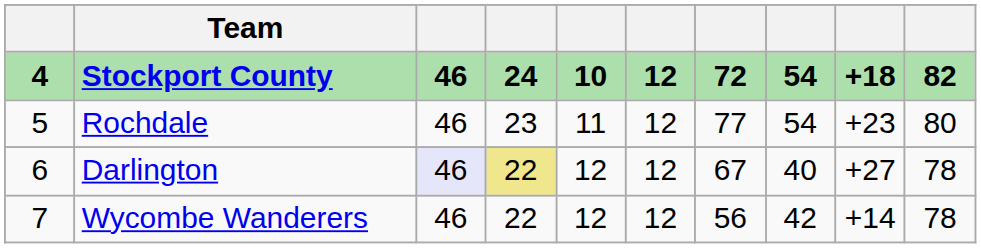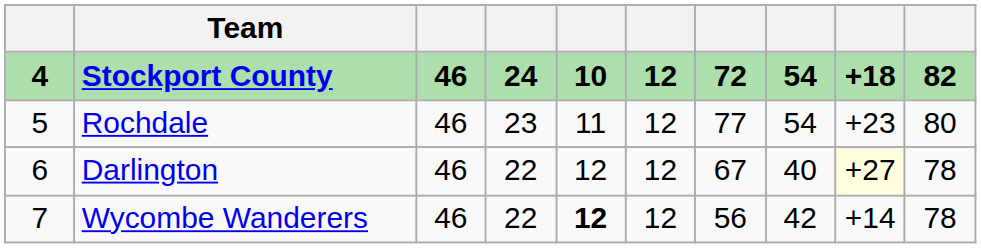 <table class="wikitable" style="text-align:center">
 <tr>
 <th width="30"></th>
 <th width="175">Team</th>
 <th width="30"></th>
 <th width="30"></th>
 <th width="30"></th>
 <th width="30"></th>
 <th width="30"></th>
 <th width="30"></th>
 <th width="30"></th>
 <th width="30"></th>
 </tr>
 <tr style="background:#addfad;">
 <td><strong>4</strong></td>
 <td align=left><strong><a href='#'>Stockport County</a></strong></td>
 <td><strong>46</strong></td>
 <td><strong>24</strong></td>
 <td><strong>10</strong></td>
 <td><strong>12</strong></td>
 <td><strong>72</strong></td>
 <td><strong>54</strong></td>
 <td><strong>+18</strong></td>
 <td><strong>82</strong></td>
 </tr>
 <tr>
 <td>5</td>
 <td align=left><a href='#'>Rochdale</a></td>
 <td>46</td>
 <td>23</td>
 <td>11</td>
 <td>12</td>
 <td>77</td>
 <td>54</td>
 <td>+23</td>
 <td>80</td>
 </tr>
 <tr>
 <td>6</td>
 <td align=left><a href='#'>Darlington</a></td>
-<td style="background: lavender;">46</td>
-<td style="background: khaki;">22</td>
+<td>46</td>
+<td>22</td>
 <td>12</td>
 <td>12</td>
 <td>67</td>
 <td>40</td>
-<td>+27</td>
+<td style="background: lightyellow;">+27</td>
 <td>78</td>
 </tr>
 <tr>
 <td>7</td>
 <td align=left><a href='#'>Wycombe Wanderers</a></td>
 <td>46</td>
 <td>22</td>
-<td>12</td>
+<td><strong>12</strong></td>
 <td>12</td>
 <td>56</td>
 <td>42</td>
 <td>+14</td>
 <td>78</td>
 </tr>
 </table>
